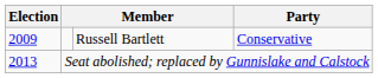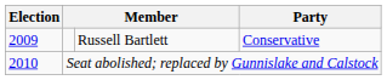 <table class="wikitable">
 <tr>
 <th>Election</th>
 <th colspan="2">Member</th>
 <th>Party</th>
 </tr>
 <tr>
 <td><a href='#'>2009</a></td>
 <td rowspan="1" style="background-color: "></td>
 <td rowspan="1">Russell Bartlett</td>
 <td rowspan="1"><a href='#'>Conservative</a></td>
 </tr>
 <tr>
-<td><a href='#'>2013</a></td>
+<td><a href='#'>2010</a></td>
 <td colspan="3"><em>Seat abolished; replaced by <a href='#'>Gunnislake and Calstock</a></em></td>
 </tr>
 </table>
